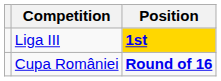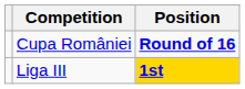 <table class="wikitable">
 <tr>
 <th></th>
 <th>Competition</th>
 <th>Position</th>
 </tr>
 <tr>
 <td></td>
+<td><a href='#'>Cupa României</a></td>
+<td><strong><a href='#'>Round of 16</a></strong></td>
+</tr>
+<tr>
+<td></td>
 <td><a href='#'>Liga III</a></td>
 <td style="background:gold;"><strong><a href='#'>1st</a></strong></td>
 </tr>
-<tr>
-<td></td>
-<td><a href='#'>Cupa României</a></td>
-<td><strong><a href='#'>Round of 16</a></strong></td>
-</tr>
 </table>
